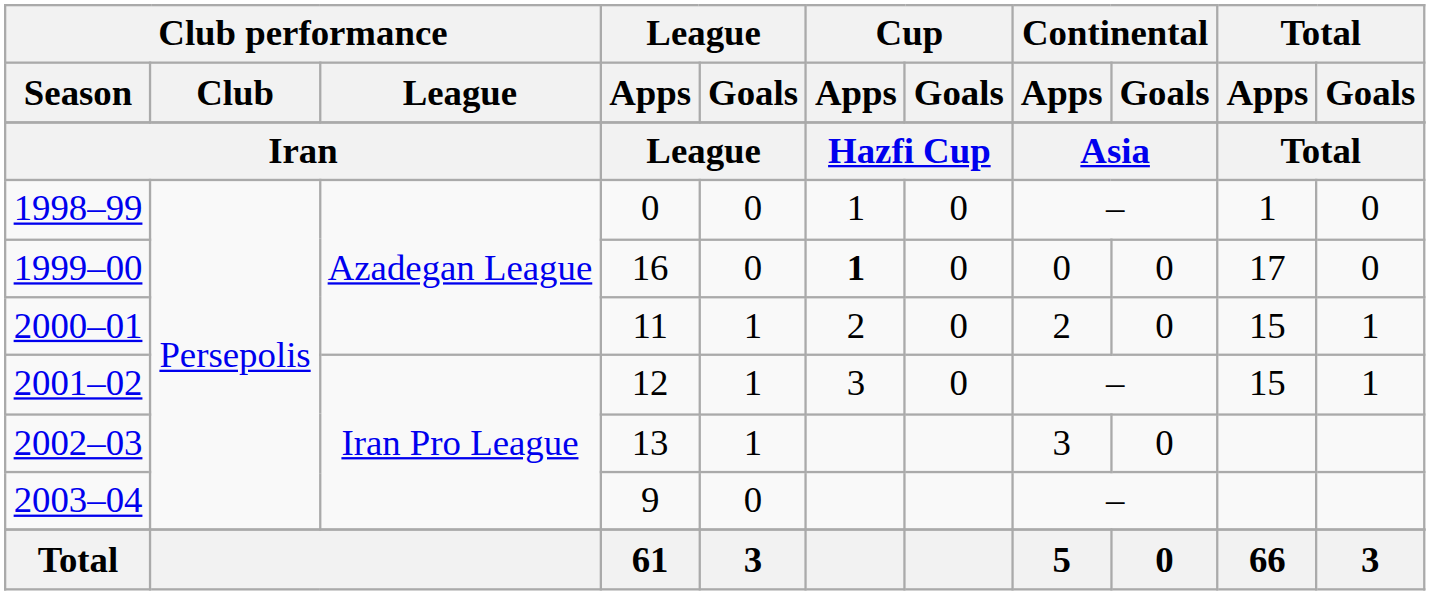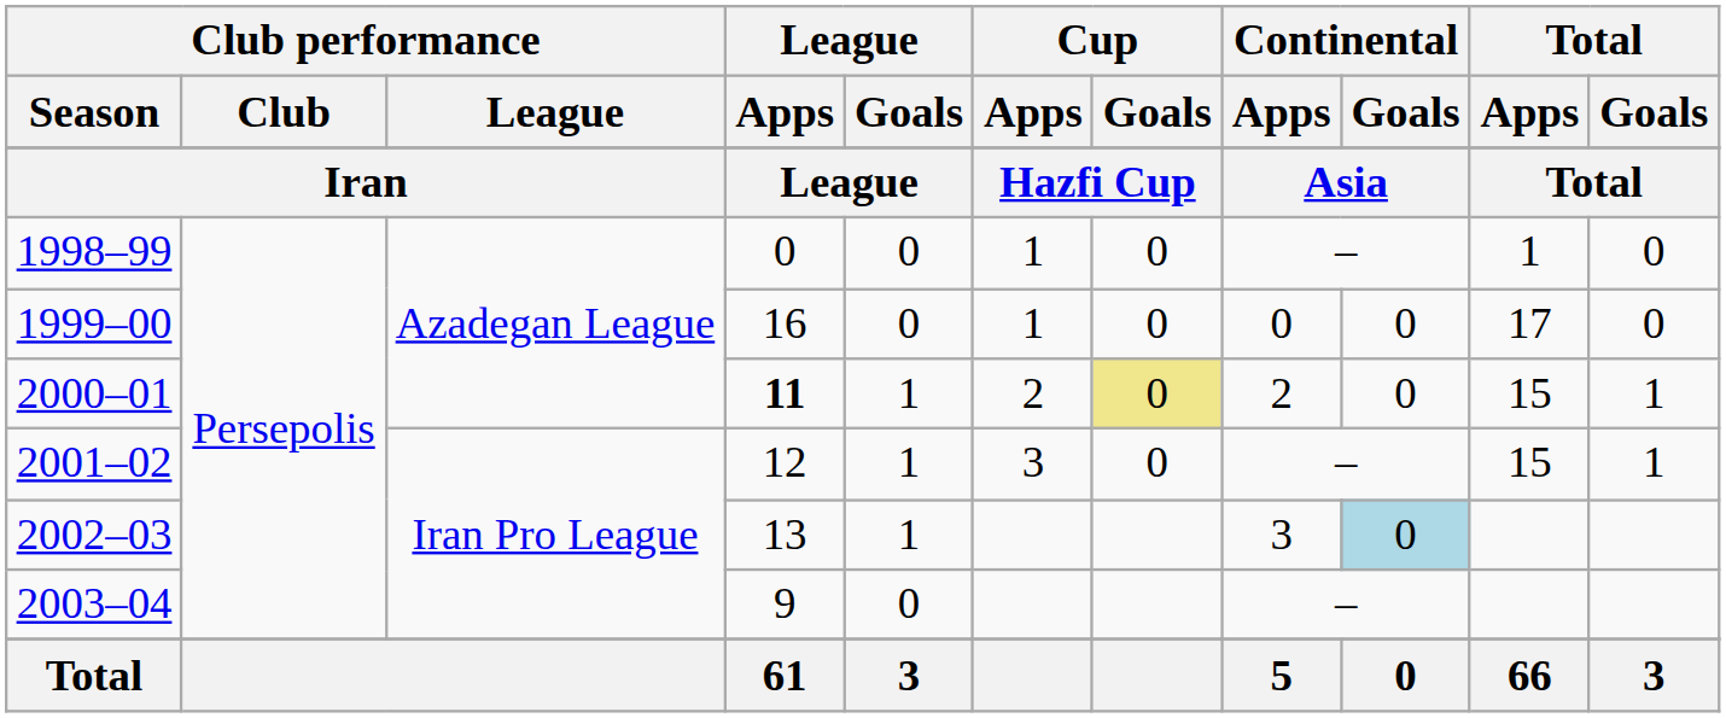 <table class="wikitable" style="text-align:center">
 <tr>
 <th colspan=3>Club performance</th>
 <th colspan=2>League</th>
 <th colspan=2>Cup</th>
 <th colspan=2>Continental</th>
 <th colspan=2>Total</th>
 </tr>
 <tr>
 <th>Season</th>
 <th>Club</th>
 <th>League</th>
 <th>Apps</th>
 <th>Goals</th>
 <th>Apps</th>
 <th>Goals</th>
 <th>Apps</th>
 <th>Goals</th>
 <th>Apps</th>
 <th>Goals</th>
 </tr>
 <tr>
 </tr>
 <tr>
 <th colspan=3>Iran</th>
 <th colspan=2>League</th>
 <th colspan=2><a href='#'>Hazfi Cup</a></th>
 <th colspan=2><a href='#'>Asia</a></th>
 <th colspan=2>Total</th>
 </tr>
 <tr>
 <td><a href='#'>1998–99</a></td>
 <td rowspan="6"><a href='#'>Persepolis</a></td>
 <td rowspan="3"><a href='#'>Azadegan League</a></td>
 <td>0</td>
 <td>0</td>
 <td>1</td>
 <td>0</td>
 <td colspan="2">–</td>
 <td>1</td>
 <td>0</td>
 </tr>
 <tr>
 <td><a href='#'>1999–00</a></td>
 <td>16</td>
 <td>0</td>
-<td><strong>1</strong></td>
+<td>1</td>
 <td>0</td>
 <td>0</td>
 <td>0</td>
 <td>17</td>
 <td>0</td>
 </tr>
 <tr>
 <td><a href='#'>2000–01</a></td>
-<td>11</td>
+<td><strong>11</strong></td>
 <td>1</td>
 <td>2</td>
-<td>0</td>
+<td style="background: khaki;">0</td>
 <td>2</td>
 <td>0</td>
 <td>15</td>
 <td>1</td>
 </tr>
 <tr>
 <td><a href='#'>2001–02</a></td>
 <td rowspan="3"><a href='#'>Iran Pro League</a></td>
 <td>12</td>
 <td>1</td>
 <td>3</td>
 <td>0</td>
 <td colspan="2">–</td>
 <td>15</td>
 <td>1</td>
 </tr>
 <tr>
 <td><a href='#'>2002–03</a></td>
 <td>13</td>
 <td>1</td>
 <td></td>
 <td></td>
 <td>3</td>
-<td>0</td>
+<td style="background: lightblue;">0</td>
 <td></td>
 <td></td>
 </tr>
 <tr>
 <td><a href='#'>2003–04</a></td>
 <td>9</td>
 <td>0</td>
 <td></td>
 <td></td>
 <td colspan="2">–</td>
 <td></td>
 <td></td>
 </tr>
 <tr>
 </tr>
 <tr>
 <th rowspan="1">Total</th>
 <th colspan="2"></th>
 <th>61</th>
 <th>3</th>
 <th></th>
 <th></th>
 <th>5</th>
 <th>0</th>
 <th>66</th>
 <th>3</th>
 </tr>
 </table>
